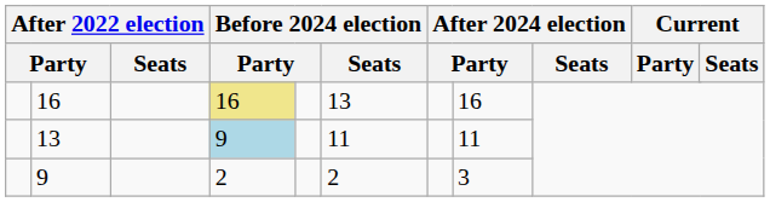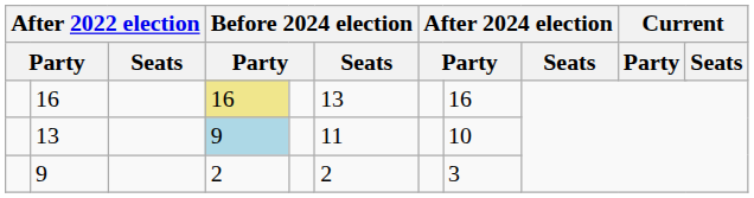 <table class="wikitable">
 <tr>
 <th colspan="3">After <a href='#'>2022 election</a></th>
 <th colspan="3">Before 2024 election</th>
 <th colspan="3">After 2024 election</th>
 <th colspan="3">Current</th>
 </tr>
 <tr>
 <th colspan="2">Party</th>
 <th>Seats</th>
 <th colspan="2">Party</th>
 <th>Seats</th>
 <th colspan="2">Party</th>
 <th>Seats</th>
 <th colspan="2">Party</th>
 <th>Seats</th>
 </tr>
 <tr>
 <td></td>
 <td>16</td>
 <td></td>
 <td style="background: khaki;">16</td>
 <td></td>
 <td>13</td>
 <td></td>
 <td>16</td>
 </tr>
 <tr>
 <td></td>
 <td>13</td>
 <td></td>
 <td style="background: lightblue;">9</td>
 <td></td>
 <td>11</td>
 <td></td>
-<td>11</td>
+<td>10</td>
 </tr>
 <tr>
 <td></td>
 <td>9</td>
 <td></td>
 <td>2</td>
 <td></td>
 <td>2</td>
 <td></td>
 <td>3</td>
 </tr>
 </table>
